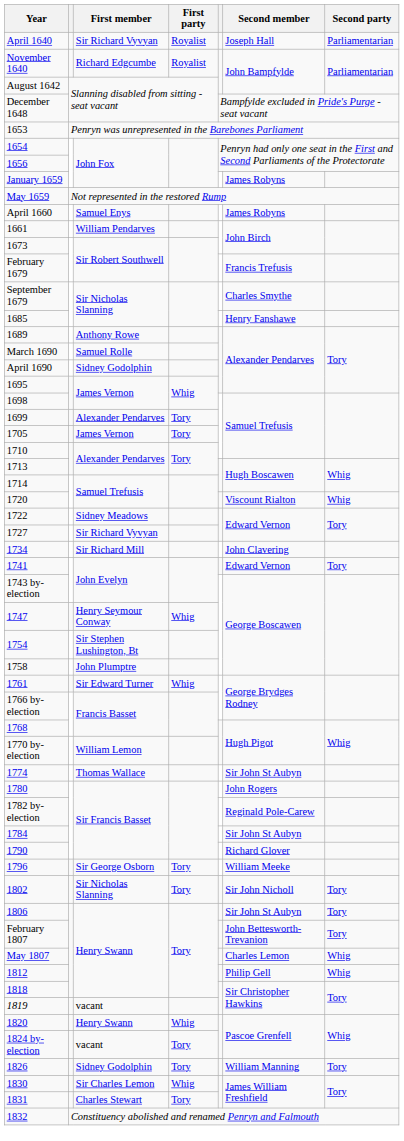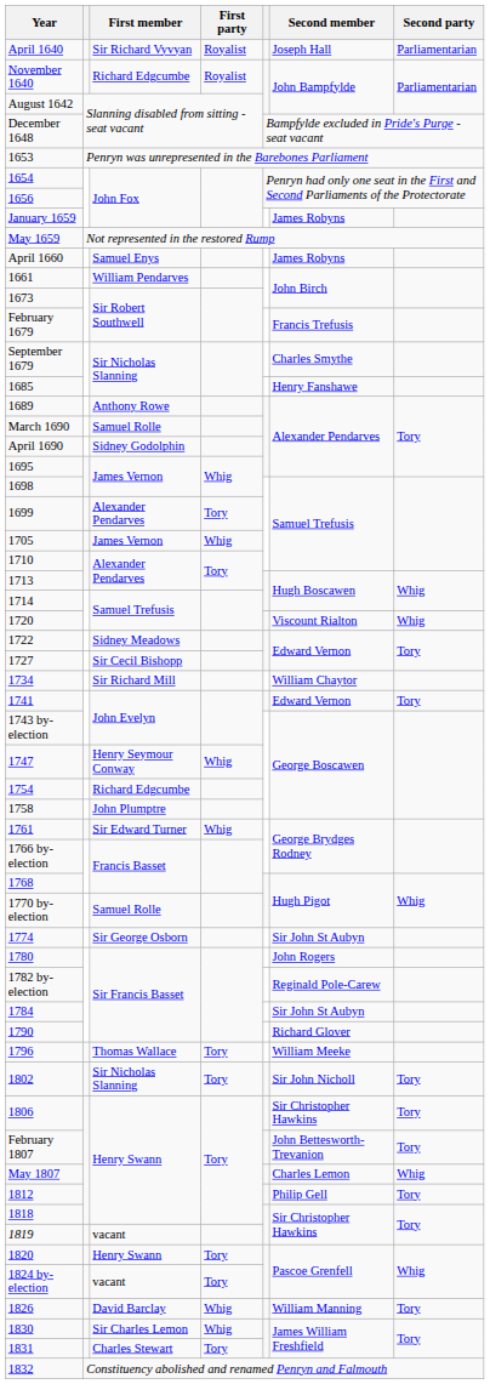 <table class="wikitable">
 <tr>
 <th>Year</th>
 <th></th>
 <th>First member</th>
 <th>First party</th>
 <th></th>
 <th>Second member</th>
 <th>Second party</th>
 </tr>
 <tr>
 <td><a href='#'>April 1640</a></td>
 <td style="color:inherit;background-color: "></td>
 <td><a href='#'>Sir Richard Vyvyan</a></td>
 <td><a href='#'>Royalist</a></td>
 <td style="color:inherit;background-color: "></td>
 <td><a href='#'>Joseph Hall</a></td>
 <td><a href='#'>Parliamentarian</a></td>
 </tr>
 <tr>
 <td><a href='#'>November 1640</a></td>
 <td style="color:inherit;background-color: "></td>
 <td><a href='#'>Richard Edgcumbe</a></td>
 <td><a href='#'>Royalist</a></td>
 <td rowspan="2" style="color:inherit;background-color: "></td>
 <td rowspan="2"><a href='#'>John Bampfylde</a></td>
 <td rowspan="2"><a href='#'>Parliamentarian</a></td>
 </tr>
 <tr>
 <td>August 1642</td>
 <td rowspan="2" colspan="3"><em>Slanning disabled from sitting - seat vacant</em> </td>
 </tr>
 <tr>
 <td>December 1648</td>
 <td colspan="3"><em>Bampfylde excluded in <a href='#'>Pride's Purge</a> - seat vacant</em></td>
 </tr>
 <tr>
 <td>1653</td>
 <td colspan="6"><em>Penryn was unrepresented in the <a href='#'>Barebones Parliament</a></em></td>
 </tr>
 <tr>
 <td><a href='#'>1654</a></td>
 <td rowspan="3" style="color:inherit;background-color: white"></td>
 <td rowspan="3"><a href='#'>John Fox</a></td>
 <td rowspan="3"></td>
 <td rowspan="2" colspan="3"><em>Penryn had only one seat in the <a href='#'>First</a>  and <br><a href='#'>Second</a> Parliaments of the Protectorate</em></td>
 </tr>
 <tr>
 <td><a href='#'>1656</a></td>
 </tr>
 <tr>
 <td><a href='#'>January 1659</a></td>
 <td style="color:inherit;background-color: white"></td>
 <td><a href='#'>James Robyns</a></td>
 <td></td>
 </tr>
 <tr>
 <td><a href='#'>May 1659</a></td>
 <td colspan="6"><em>Not represented in the restored <a href='#'>Rump</a></em></td>
 </tr>
 <tr>
 <td>April 1660</td>
 <td style="color:inherit;background-color: white"></td>
 <td><a href='#'>Samuel Enys</a></td>
 <td></td>
 <td style="color:inherit;background-color: white"></td>
 <td><a href='#'>James Robyns</a></td>
 <td></td>
 </tr>
 <tr>
 <td>1661</td>
 <td style="color:inherit;background-color: white"></td>
 <td><a href='#'>William Pendarves</a></td>
 <td></td>
 <td rowspan="2" style="color:inherit;background-color: white"></td>
 <td rowspan="2"><a href='#'>John Birch</a></td>
 <td rowspan="2"></td>
 </tr>
 <tr>
 <td>1673</td>
 <td rowspan="2" style="color:inherit;background-color: white"></td>
 <td rowspan="2"><a href='#'>Sir Robert Southwell</a></td>
 <td rowspan="2"></td>
 </tr>
 <tr>
 <td>February 1679</td>
 <td style="color:inherit;background-color: white"></td>
 <td><a href='#'>Francis Trefusis</a></td>
 <td></td>
 </tr>
 <tr>
 <td>September 1679</td>
 <td rowspan="2" style="color:inherit;background-color: white"></td>
 <td rowspan="2"><a href='#'>Sir Nicholas Slanning</a></td>
 <td rowspan="2"></td>
 <td style="color:inherit;background-color: white"></td>
 <td><a href='#'>Charles Smythe</a></td>
 <td></td>
 </tr>
 <tr>
 <td>1685</td>
 <td style="color:inherit;background-color: white"></td>
 <td><a href='#'>Henry Fanshawe</a></td>
 <td></td>
 </tr>
 <tr>
 <td>1689</td>
 <td style="color:inherit;background-color: white"></td>
 <td><a href='#'>Anthony Rowe</a></td>
 <td></td>
 <td rowspan="4" style="color:inherit;background-color: "></td>
 <td rowspan="4"><a href='#'>Alexander Pendarves</a></td>
 <td rowspan="4"><a href='#'>Tory</a></td>
 </tr>
 <tr>
 <td>March 1690</td>
 <td style="color:inherit;background-color: white"></td>
 <td><a href='#'>Samuel Rolle</a></td>
 <td></td>
 </tr>
 <tr>
 <td>April 1690</td>
 <td style="color:inherit;background-color: white"></td>
 <td><a href='#'>Sidney Godolphin</a></td>
 <td></td>
 </tr>
 <tr>
 <td>1695</td>
 <td rowspan="2" style="color:inherit;background-color: "></td>
 <td rowspan="2"><a href='#'>James Vernon</a></td>
 <td rowspan="2"><a href='#'>Whig</a></td>
 </tr>
 <tr>
 <td>1698</td>
 <td rowspan="4" style="color:inherit;background-color: white"></td>
 <td rowspan="4"><a href='#'>Samuel Trefusis</a></td>
 <td rowspan="4"></td>
 </tr>
 <tr>
 <td>1699</td>
 <td style="color:inherit;background-color: "></td>
 <td><a href='#'>Alexander Pendarves</a></td>
 <td><a href='#'>Tory</a></td>
 </tr>
 <tr>
 <td>1705</td>
 <td style="color:inherit;background-color: "></td>
 <td><a href='#'>James Vernon</a></td>
-<td><a href='#'>Tory</a></td>
+<td><a href='#'>Whig</a></td>
 </tr>
 <tr>
 <td>1710</td>
 <td rowspan="2" style="color:inherit;background-color: "></td>
 <td rowspan="2"><a href='#'>Alexander Pendarves</a></td>
 <td rowspan="2"><a href='#'>Tory</a></td>
 </tr>
 <tr>
 <td>1713</td>
 <td rowspan="2" style="color:inherit;background-color: "></td>
 <td rowspan="2"><a href='#'>Hugh Boscawen</a></td>
 <td rowspan="2"><a href='#'>Whig</a></td>
 </tr>
 <tr>
 <td>1714</td>
 <td rowspan="2" style="color:inherit;background-color: white"></td>
 <td rowspan="2"><a href='#'>Samuel Trefusis</a></td>
 <td rowspan="2"></td>
 </tr>
 <tr>
 <td>1720</td>
 <td style="color:inherit;background-color: "></td>
 <td><a href='#'>Viscount Rialton</a></td>
 <td><a href='#'>Whig</a></td>
 </tr>
 <tr>
 <td>1722</td>
 <td style="color:inherit;background-color: white"></td>
 <td><a href='#'>Sidney Meadows</a></td>
 <td></td>
 <td rowspan="2" style="color:inherit;background-color: "></td>
 <td rowspan="2"><a href='#'>Edward Vernon</a></td>
 <td rowspan="2"><a href='#'>Tory</a></td>
 </tr>
 <tr>
 <td>1727</td>
 <td style="color:inherit;background-color: white"></td>
-<td><a href='#'>Sir Richard Vyvyan</a></td>
+<td><a href='#'>Sir Cecil Bishopp</a></td>
 <td></td>
 </tr>
 <tr>
 <td><a href='#'>1734</a></td>
 <td style="color:inherit;background-color: white"></td>
 <td><a href='#'>Sir Richard Mill</a></td>
 <td></td>
 <td style="color:inherit;background-color: white"></td>
-<td><a href='#'>John Clavering</a></td>
+<td><a href='#'>William Chaytor</a></td>
 <td></td>
 </tr>
 <tr>
 <td><a href='#'>1741</a></td>
 <td rowspan="2" style="color:inherit;background-color: white"></td>
 <td rowspan="2"><a href='#'>John Evelyn</a></td>
 <td rowspan="2"></td>
 <td style="color:inherit;background-color: "></td>
 <td><a href='#'>Edward Vernon</a></td>
 <td> <a href='#'>Tory</a></td>
 </tr>
 <tr>
 <td>1743 by-election</td>
 <td rowspan="4" style="color:inherit;background-color: white"></td>
 <td rowspan="4"><a href='#'>George Boscawen</a></td>
 <td rowspan="4"></td>
 </tr>
 <tr>
 <td><a href='#'>1747</a></td>
 <td style="color:inherit;background-color: "></td>
 <td><a href='#'>Henry Seymour Conway</a></td>
 <td><a href='#'>Whig</a></td>
 </tr>
 <tr>
 <td><a href='#'>1754</a></td>
 <td style="color:inherit;background-color: white"></td>
-<td><a href='#'>Sir Stephen Lushington, Bt</a></td>
+<td><a href='#'>Richard Edgcumbe</a></td>
 <td></td>
 </tr>
 <tr>
 <td>1758</td>
 <td style="color:inherit;background-color: white"></td>
 <td><a href='#'>John Plumptre</a></td>
 <td></td>
 </tr>
 <tr>
 <td><a href='#'>1761</a></td>
 <td style="color:inherit;background-color: "></td>
 <td><a href='#'>Sir Edward Turner</a></td>
 <td><a href='#'>Whig</a></td>
 <td rowspan="2" style="color:inherit;background-color: white"></td>
 <td rowspan="2"><a href='#'>George Brydges Rodney</a></td>
 <td rowspan="2"></td>
 </tr>
 <tr>
 <td>1766 by-election</td>
 <td rowspan="2" style="color:inherit;background-color: white"></td>
 <td rowspan="2"><a href='#'>Francis Basset</a></td>
 <td rowspan="2"></td>
 </tr>
 <tr>
 <td><a href='#'>1768</a></td>
 <td rowspan="2" style="color:inherit;background-color: "></td>
 <td rowspan="2"><a href='#'>Hugh Pigot</a></td>
 <td rowspan="2"><a href='#'>Whig</a></td>
 </tr>
 <tr>
 <td>1770 by-election</td>
 <td style="color:inherit;background-color: white"></td>
-<td><a href='#'>William Lemon</a></td>
+<td><a href='#'>Samuel Rolle</a></td>
 <td></td>
 </tr>
 <tr>
 <td><a href='#'>1774</a></td>
 <td style="color:inherit;background-color: white"></td>
-<td><a href='#'>Thomas Wallace</a></td>
+<td><a href='#'>Sir George Osborn</a></td>
 <td></td>
 <td style="color:inherit;background-color: white"></td>
 <td><a href='#'>Sir John St Aubyn</a></td>
 <td></td>
 </tr>
 <tr>
 <td><a href='#'>1780</a></td>
 <td rowspan="4" style="color:inherit;background-color: white"></td>
 <td rowspan="4"><a href='#'>Sir Francis Basset</a></td>
 <td rowspan="4"></td>
 <td style="color:inherit;background-color: white"></td>
 <td><a href='#'>John Rogers</a></td>
 <td></td>
 </tr>
 <tr>
 <td>1782 by-election</td>
 <td style="color:inherit;background-color: white"></td>
 <td><a href='#'>Reginald Pole-Carew</a></td>
 <td></td>
 </tr>
 <tr>
 <td><a href='#'>1784</a></td>
 <td style="color:inherit;background-color: white"></td>
 <td><a href='#'>Sir John St Aubyn</a></td>
 <td></td>
 </tr>
 <tr>
 <td><a href='#'>1790</a></td>
 <td style="color:inherit;background-color: white"></td>
 <td><a href='#'>Richard Glover</a></td>
 <td></td>
 </tr>
 <tr>
 <td><a href='#'>1796</a></td>
 <td style="color:inherit;background-color: "></td>
-<td><a href='#'>Sir George Osborn</a></td>
+<td><a href='#'>Thomas Wallace</a></td>
 <td><a href='#'>Tory</a></td>
 <td style="color:inherit;background-color: white"></td>
 <td><a href='#'>William Meeke</a></td>
 <td></td>
 </tr>
 <tr>
 <td><a href='#'>1802</a></td>
 <td style="color:inherit;background-color: "></td>
 <td><a href='#'>Sir Nicholas Slanning</a></td>
 <td><a href='#'>Tory</a></td>
 <td style="color:inherit;background-color: "></td>
 <td><a href='#'>Sir John Nicholl</a></td>
 <td><a href='#'>Tory</a></td>
 </tr>
 <tr>
 <td><a href='#'>1806</a></td>
 <td rowspan="5" style="color:inherit;background-color: "></td>
 <td rowspan="5"><a href='#'>Henry Swann</a></td>
 <td rowspan="5"><a href='#'>Tory</a></td>
 <td style="color:inherit;background-color: "></td>
-<td><a href='#'>Sir John St Aubyn</a></td>
+<td><a href='#'>Sir Christopher Hawkins</a></td>
 <td><a href='#'>Tory</a></td>
 </tr>
 <tr>
 <td>February 1807</td>
 <td style="color:inherit;background-color: "></td>
 <td><a href='#'>John Bettesworth-Trevanion</a></td>
 <td><a href='#'>Tory</a></td>
 </tr>
 <tr>
 <td><a href='#'>May 1807</a></td>
 <td style="color:inherit;background-color: "></td>
 <td><a href='#'>Charles Lemon</a></td>
 <td><a href='#'>Whig</a></td>
 </tr>
 <tr>
 <td><a href='#'>1812</a></td>
 <td style="color:inherit;background-color: "></td>
 <td><a href='#'>Philip Gell</a></td>
-<td><a href='#'>Whig</a></td>
+<td><a href='#'>Tory</a></td>
 </tr>
 <tr>
 <td><a href='#'>1818</a></td>
 <td rowspan="2" style="color:inherit;background-color: "></td>
 <td rowspan="2"><a href='#'>Sir Christopher Hawkins</a></td>
 <td rowspan="2"><a href='#'>Tory</a></td>
 </tr>
 <tr>
 <td><em>1819</em></td>
 <td></td>
 <td>vacant </td>
 </tr>
 <tr>
 <td><a href='#'>1820</a></td>
 <td rowspan="1" style="color:inherit;background-color: "></td>
 <td rowspan="1"><a href='#'>Henry Swann</a></td>
-<td><a href='#'>Whig</a></td>
+<td rowspan="1"><a href='#'>Tory</a></td>
 <td rowspan="2" style="color:inherit;background-color: "></td>
 <td rowspan="2"><a href='#'>Pascoe Grenfell</a></td>
 <td rowspan="2"><a href='#'>Whig</a></td>
 </tr>
 <tr>
 <td><a href='#'>1824 by-election</a></td>
 <td style="color:inherit;background-color: "></td>
 <td>vacant </td>
 <td><a href='#'>Tory</a></td>
 </tr>
 <tr>
 <td><a href='#'>1826</a></td>
 <td style="color:inherit;background-color: "></td>
-<td><a href='#'>Sidney Godolphin</a></td>
-<td><a href='#'>Tory</a></td>
+<td><a href='#'>David Barclay</a></td>
+<td><a href='#'>Whig</a></td>
 <td style="color:inherit;background-color: "></td>
 <td><a href='#'>William Manning</a></td>
 <td><a href='#'>Tory</a></td>
 </tr>
 <tr>
 <td><a href='#'>1830</a></td>
 <td style="color:inherit;background-color: "></td>
 <td><a href='#'>Sir Charles Lemon</a></td>
 <td><a href='#'>Whig</a></td>
 <td rowspan="2" style="color:inherit;background-color: "></td>
 <td rowspan="2"><a href='#'>James William Freshfield</a></td>
 <td rowspan="2"><a href='#'>Tory</a></td>
 </tr>
 <tr>
 <td><a href='#'>1831</a></td>
 <td style="color:inherit;background-color: "></td>
 <td><a href='#'>Charles Stewart</a></td>
 <td><a href='#'>Tory</a></td>
 </tr>
 <tr>
 <td><a href='#'>1832</a></td>
 <td colspan="6"><em>Constituency abolished and renamed <a href='#'>Penryn and Falmouth</a></em></td>
 </tr>
 </table>
